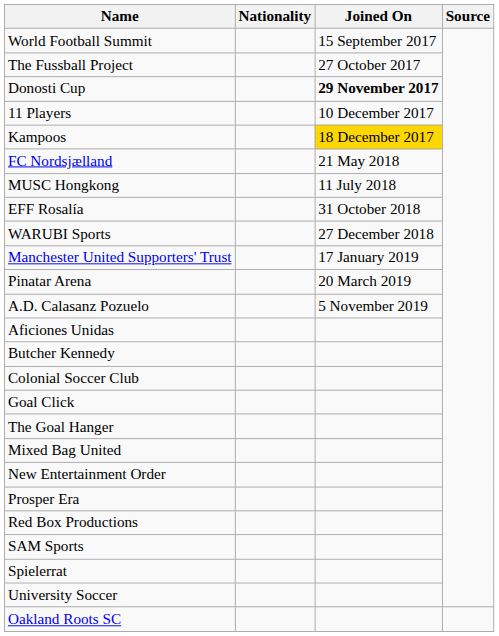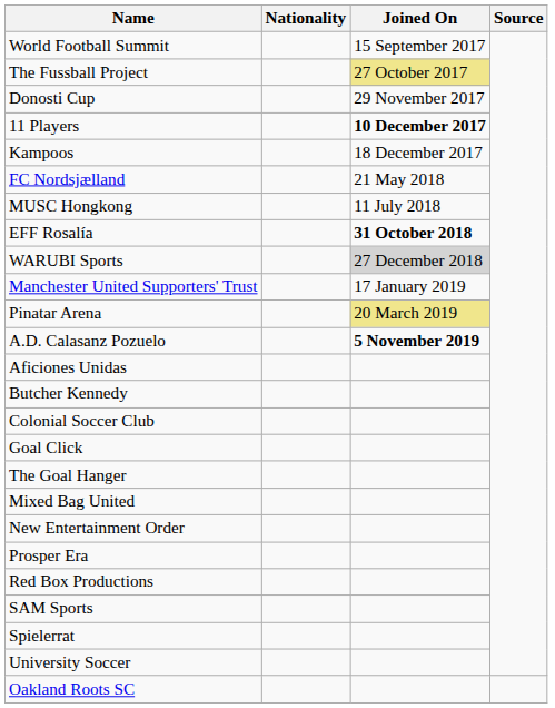 <table class="wikitable" style="margin-right: 0;">
 <tr>
 <th>Name</th>
 <th>Nationality</th>
 <th>Joined On</th>
 <th>Source</th>
 </tr>
 <tr>
 <td>World Football Summit</td>
 <td></td>
 <td>15 September 2017</td>
 <td rowspan="24"></td>
 </tr>
 <tr>
 <td>The Fussball Project</td>
 <td></td>
-<td>27 October 2017</td>
+<td style="background: khaki;">27 October 2017</td>
 </tr>
 <tr>
 <td>Donosti Cup</td>
 <td></td>
-<td><strong>29 November 2017</strong></td>
+<td>29 November 2017</td>
 </tr>
 <tr>
 <td>11 Players</td>
 <td></td>
-<td>10 December 2017</td>
+<td><strong>10 December 2017</strong></td>
 </tr>
 <tr>
 <td>Kampoos</td>
 <td></td>
-<td style="background: gold;">18 December 2017</td>
+<td>18 December 2017</td>
 </tr>
 <tr>
 <td><a href='#'>FC Nordsjælland</a></td>
 <td></td>
 <td>21 May 2018</td>
 </tr>
 <tr>
 <td>MUSC Hongkong</td>
 <td></td>
 <td>11 July 2018</td>
 </tr>
 <tr>
 <td>EFF Rosalía</td>
 <td></td>
-<td>31 October 2018</td>
+<td><strong>31 October 2018</strong></td>
 </tr>
 <tr>
 <td>WARUBI Sports</td>
 <td></td>
-<td>27 December 2018</td>
+<td style="background: lightgrey;">27 December 2018</td>
 </tr>
 <tr>
 <td><a href='#'>Manchester United Supporters' Trust</a></td>
 <td></td>
 <td>17 January 2019</td>
 </tr>
 <tr>
 <td>Pinatar Arena</td>
 <td></td>
-<td>20 March 2019</td>
+<td style="background: khaki;">20 March 2019</td>
 </tr>
 <tr>
 <td>A.D. Calasanz Pozuelo</td>
 <td></td>
-<td>5 November 2019</td>
+<td><strong>5 November 2019</strong></td>
 </tr>
 <tr>
 <td>Aficiones Unidas</td>
 <td></td>
 <td></td>
 </tr>
 <tr>
 <td>Butcher Kennedy</td>
 <td></td>
 <td></td>
 </tr>
 <tr>
 <td>Colonial Soccer Club</td>
 <td></td>
 <td></td>
 </tr>
 <tr>
 <td>Goal Click</td>
 <td></td>
 <td></td>
 </tr>
 <tr>
 <td>The Goal Hanger</td>
 <td></td>
 <td></td>
 </tr>
 <tr>
 <td>Mixed Bag United</td>
 <td></td>
 <td></td>
 </tr>
 <tr>
 <td>New Entertainment Order</td>
 <td></td>
 <td></td>
 </tr>
 <tr>
 <td>Prosper Era</td>
 <td></td>
 <td></td>
 </tr>
 <tr>
 <td>Red Box Productions</td>
 <td></td>
 <td></td>
 </tr>
 <tr>
 <td>SAM Sports</td>
 <td></td>
 <td></td>
 </tr>
 <tr>
 <td>Spielerrat</td>
 <td></td>
 <td></td>
 </tr>
 <tr>
 <td>University Soccer</td>
 <td></td>
 <td></td>
 </tr>
 <tr>
 <td><a href='#'>Oakland Roots SC</a></td>
 <td></td>
 <td></td>
 </tr>
 </table>
